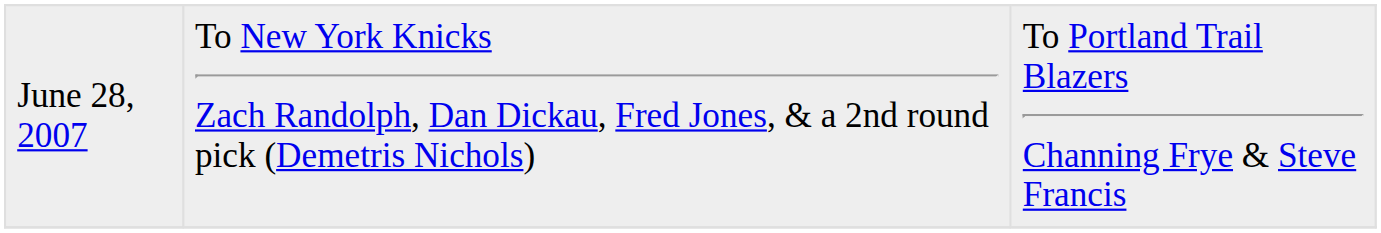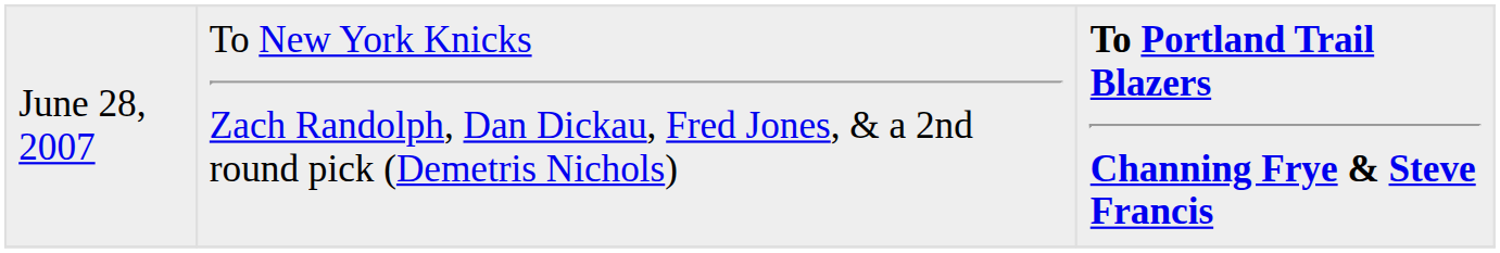 <table border=1 style="border-collapse:collapse" bordercolor="#DFDFDF" cellpadding="5">
 <tr>
 </tr>
 <tr bgcolor="eeeeee">
 <td>June 28, <a href='#'>2007</a><br></td>
 <td valign="top">To <a href='#'>New York Knicks</a> <hr><a href='#'>Zach Randolph</a>, <a href='#'>Dan Dickau</a>, <a href='#'>Fred Jones</a>, & a 2nd round pick (<a href='#'>Demetris Nichols</a>)</td>
-<td valign="top">To <a href='#'>Portland Trail Blazers</a> <hr><a href='#'>Channing Frye</a> & <a href='#'>Steve Francis</a></td>
+<td valign="top"><strong>To <a href='#'>Portland Trail Blazers</a> <hr><a href='#'>Channing Frye</a> & <a href='#'>Steve Francis</a></strong></td>
 </tr>
 <tr>
 </tr>
 </table>
